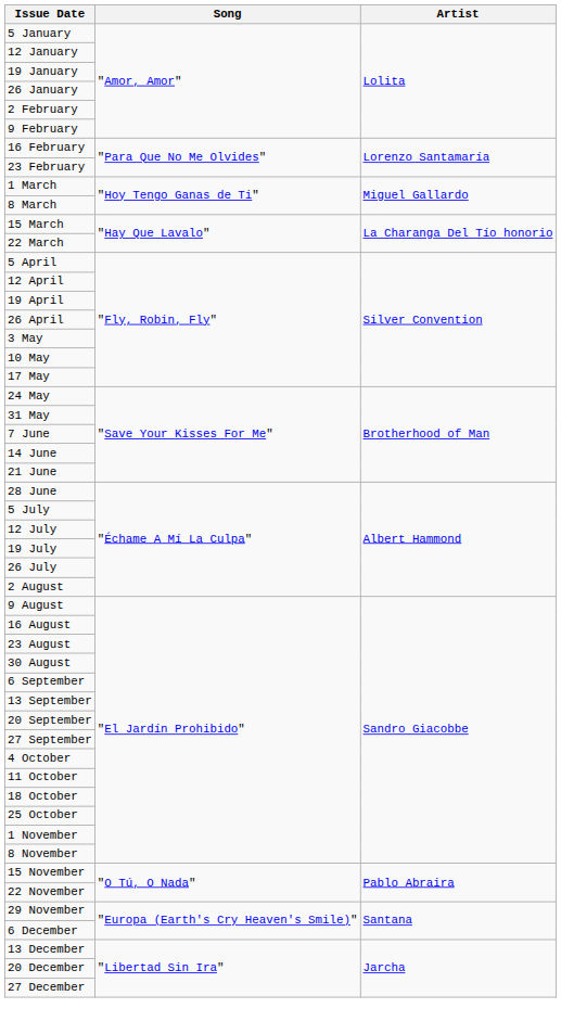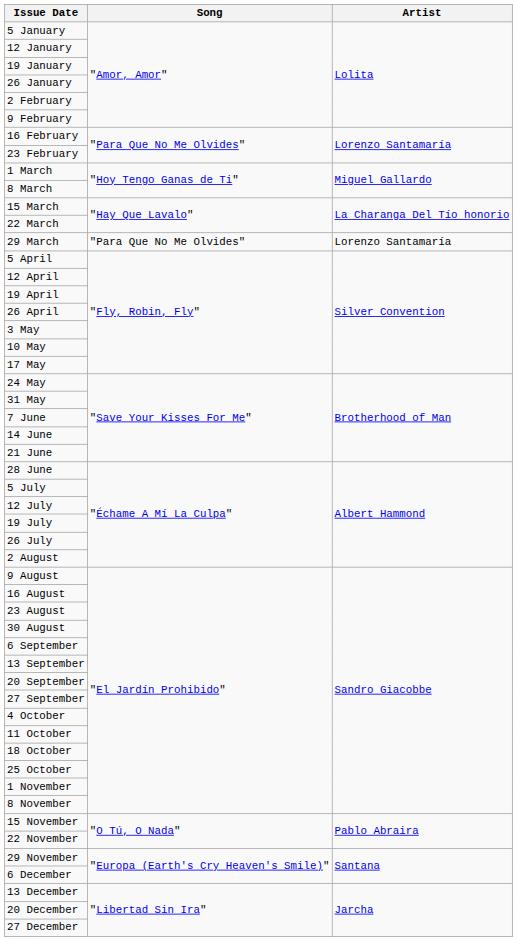 <table class="wikitable">
 <tr>
 <th>Issue Date</th>
 <th>Song</th>
 <th>Artist</th>
 </tr>
 <tr>
 <td>5 January</td>
 <td rowspan=6>"<a href='#'>Amor, Amor</a>"</td>
 <td rowspan=6><a href='#'>Lolita</a></td>
 </tr>
 <tr>
 <td>12 January</td>
 </tr>
 <tr>
 <td>19 January</td>
 </tr>
 <tr>
 <td>26 January</td>
 </tr>
 <tr>
 <td>2 February</td>
 </tr>
 <tr>
 <td>9 February</td>
 </tr>
 <tr>
 <td>16 February</td>
 <td rowspan=2>"<a href='#'>Para Que No Me Olvides</a>"</td>
 <td rowspan=2><a href='#'>Lorenzo Santamaría</a></td>
 </tr>
 <tr>
 <td>23 February</td>
 </tr>
 <tr>
 <td>1 March</td>
 <td rowspan=2>"<a href='#'>Hoy Tengo Ganas de Ti</a>"</td>
 <td rowspan=2><a href='#'>Miguel Gallardo</a></td>
 </tr>
 <tr>
 <td>8 March</td>
 </tr>
 <tr>
 <td>15 March</td>
 <td rowspan=2>"<a href='#'>Hay Que Lavalo</a>"</td>
 <td rowspan=2><a href='#'>La Charanga Del Tío honorio</a></td>
 </tr>
 <tr>
 <td>22 March</td>
+</tr>
+<tr>
+<td>29 March</td>
+<td>"Para Que No Me Olvides"</td>
+<td>Lorenzo Santamaría</td>
 </tr>
 <tr>
 <td>5 April</td>
 <td rowspan=7>"<a href='#'>Fly, Robin, Fly</a>"</td>
 <td rowspan=7><a href='#'>Silver Convention</a></td>
 </tr>
 <tr>
 <td>12 April</td>
 </tr>
 <tr>
 <td>19 April</td>
 </tr>
 <tr>
 <td>26 April</td>
 </tr>
 <tr>
 <td>3 May</td>
 </tr>
 <tr>
 <td>10 May</td>
 </tr>
 <tr>
 <td>17 May</td>
 </tr>
 <tr>
 <td>24 May</td>
 <td rowspan=5>"<a href='#'>Save Your Kisses For Me</a>"</td>
 <td rowspan=5><a href='#'>Brotherhood of Man</a></td>
 </tr>
 <tr>
 <td>31 May</td>
 </tr>
 <tr>
 <td>7 June</td>
 </tr>
 <tr>
 <td>14 June</td>
 </tr>
 <tr>
 <td>21 June</td>
 </tr>
 <tr>
 <td>28 June</td>
 <td rowspan=6>"<a href='#'>Échame A Mí La Culpa</a>"</td>
 <td rowspan=6><a href='#'>Albert Hammond</a></td>
 </tr>
 <tr>
 <td>5 July</td>
 </tr>
 <tr>
 <td>12 July</td>
 </tr>
 <tr>
 <td>19 July</td>
 </tr>
 <tr>
 <td>26 July</td>
 </tr>
 <tr>
 <td>2 August</td>
 </tr>
 <tr>
 <td>9 August</td>
 <td rowspan=14>"<a href='#'>El Jardín Prohibido</a>"</td>
 <td rowspan=14><a href='#'>Sandro Giacobbe</a></td>
 </tr>
 <tr>
 <td>16 August</td>
 </tr>
 <tr>
 <td>23 August</td>
 </tr>
 <tr>
 <td>30 August</td>
 </tr>
 <tr>
 <td>6 September</td>
 </tr>
 <tr>
 <td>13 September</td>
 </tr>
 <tr>
 <td>20 September</td>
 </tr>
 <tr>
 <td>27 September</td>
 </tr>
 <tr>
 <td>4 October</td>
 </tr>
 <tr>
 <td>11 October</td>
 </tr>
 <tr>
 <td>18 October</td>
 </tr>
 <tr>
 <td>25 October</td>
 </tr>
 <tr>
 <td>1 November</td>
 </tr>
 <tr>
 <td>8 November</td>
 </tr>
 <tr>
 <td>15 November</td>
 <td rowspan=2>"<a href='#'>O Tú, O Nada</a>"</td>
 <td rowspan=2><a href='#'>Pablo Abraira</a></td>
 </tr>
 <tr>
 <td>22 November</td>
 </tr>
 <tr>
 <td>29 November</td>
 <td rowspan=2>"<a href='#'>Europa (Earth's Cry Heaven's Smile)</a>"</td>
 <td rowspan=2><a href='#'>Santana</a></td>
 </tr>
 <tr>
 <td>6 December</td>
 </tr>
 <tr>
 <td>13 December</td>
 <td rowspan=3>"<a href='#'>Libertad Sin Ira</a>"</td>
 <td rowspan=3><a href='#'>Jarcha</a></td>
 </tr>
 <tr>
 <td>20 December</td>
 </tr>
 <tr>
 <td>27 December</td>
 </tr>
 </table>
